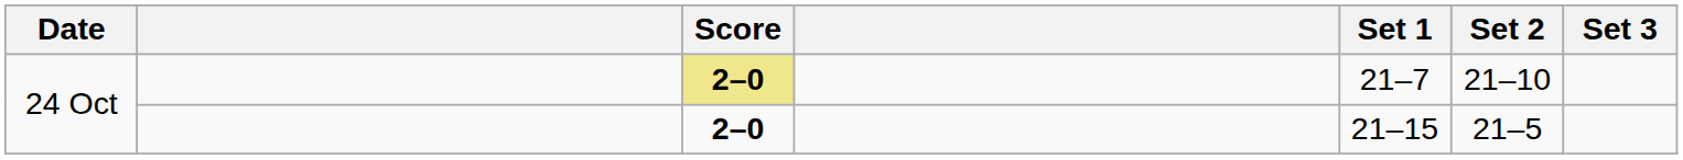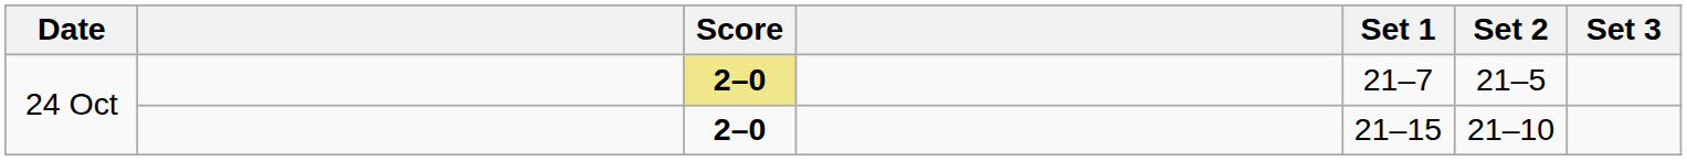 <table class="wikitable" style="text-align: center;">
 <tr>
 <th width="60">Date</th>
 <th align="right" width="270"></th>
 <th width="50">Score</th>
 <th align="left" width="270"></th>
 <th width="50">Set 1</th>
 <th width="50">Set 2</th>
 <th width="50">Set 3</th>
 </tr>
 <tr>
 <td rowspan=2>24 Oct</td>
 <td align=left><strong></strong></td>
 <td align=center style="background: khaki;"><strong>2–0</strong></td>
 <td align=left></td>
 <td>21–7</td>
-<td>21–10</td>
+<td>21–5</td>
 <td></td>
 </tr>
 <tr>
 <td align=left><strong></strong></td>
 <td align=center><strong>2–0</strong></td>
 <td align=left></td>
 <td>21–15</td>
-<td>21–5</td>
+<td>21–10</td>
 <td></td>
 </tr>
 </table>
